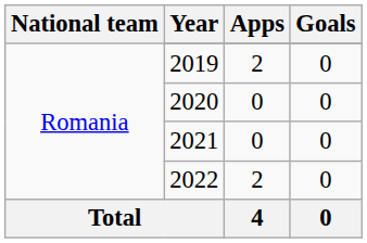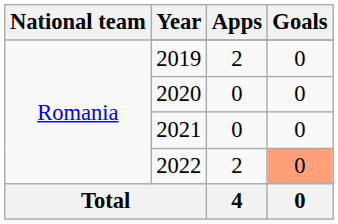 <table class="wikitable" style="text-align: center">
 <tr>
 <th>National team</th>
 <th>Year</th>
 <th>Apps</th>
 <th>Goals</th>
 </tr>
 <tr>
 <td rowspan="5"><a href='#'>Romania</a></td>
 </tr>
 <tr>
 <td>2019</td>
 <td>2</td>
 <td>0</td>
 </tr>
 <tr>
 <td>2020</td>
 <td>0</td>
 <td>0</td>
 </tr>
 <tr>
 <td>2021</td>
 <td>0</td>
 <td>0</td>
 </tr>
 <tr>
 <td>2022</td>
 <td>2</td>
-<td>0</td>
+<td style="background: lightsalmon;">0</td>
 </tr>
 <tr>
 <th colspan=2>Total</th>
 <th>4</th>
 <th>0</th>
 </tr>
 </table>
